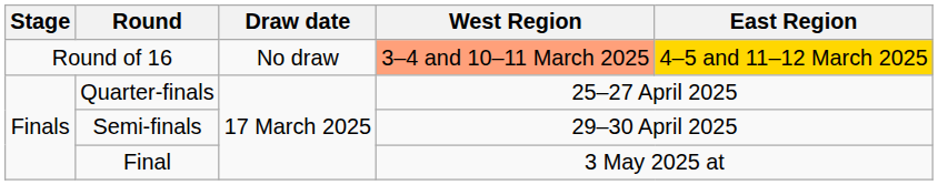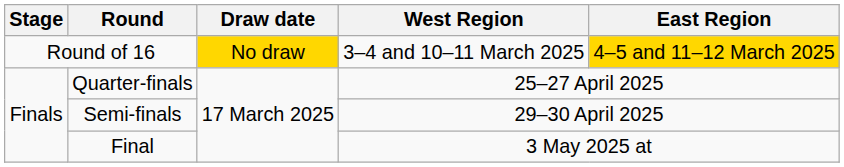 <table class="wikitable" style="text-align:center">
 <tr>
 <th>Stage</th>
 <th>Round</th>
 <th>Draw date</th>
 <th>West Region</th>
 <th>East Region</th>
 </tr>
 <tr>
 <td colspan="2">Round of 16</td>
-<td>No draw</td>
-<td style="background: lightsalmon;">3–4 and 10–11 March 2025</td>
+<td style="background: gold;">No draw</td>
+<td>3–4 and 10–11 March 2025</td>
 <td style="background: gold;">4–5 and 11–12 March 2025</td>
 </tr>
 <tr>
 <td rowspan=3>Finals</td>
 <td>Quarter-finals</td>
 <td rowspan=3>17 March 2025</td>
 <td colspan=2>25–27 April 2025</td>
 </tr>
 <tr>
 <td>Semi-finals</td>
 <td colspan=2>29–30 April 2025</td>
 </tr>
 <tr>
 <td>Final</td>
 <td colspan=2>3 May 2025 at </td>
 </tr>
 </table>
